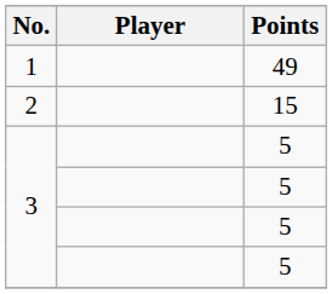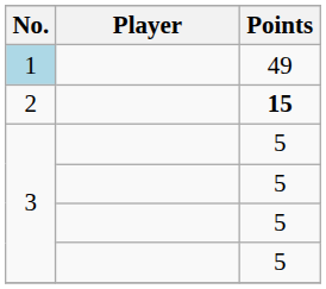 <table class="wikitable sortable" style="text-align:center">
 <tr>
 </tr>
 <tr>
 <th width=25>No.</th>
 <th width=110>Player</th>
 <th width=45>Points</th>
 </tr>
 <tr>
-<td>1</td>
+<td style="background: lightblue;">1</td>
 <td></td>
 <td>49</td>
 </tr>
 <tr>
 <td>2</td>
 <td></td>
-<td>15</td>
+<td><strong>15</strong></td>
 </tr>
 <tr>
 <td rowspan=4>3</td>
 <td></td>
 <td>5</td>
 </tr>
 <tr>
 <td></td>
 <td>5</td>
 </tr>
 <tr>
 <td></td>
 <td>5</td>
 </tr>
 <tr>
 <td></td>
 <td>5</td>
 </tr>
 <tr>
 </tr>
 </table>
